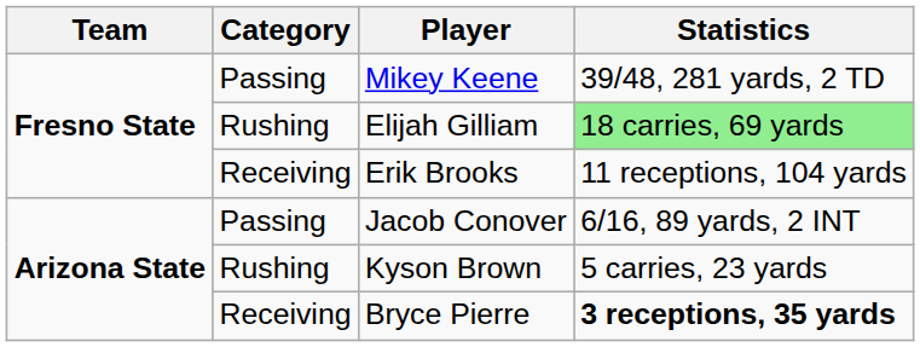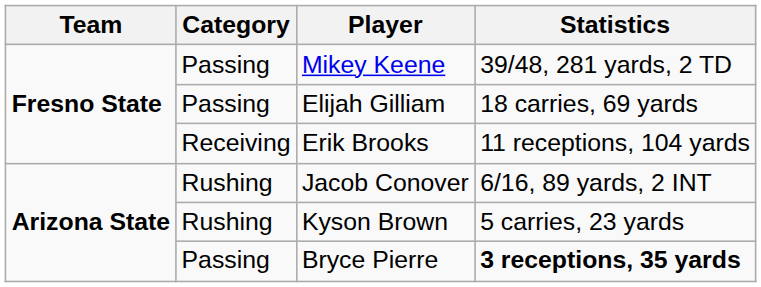 <table class="wikitable" style="float: right;">
 <tr>
 <th>Team</th>
 <th>Category</th>
 <th>Player</th>
 <th>Statistics</th>
 </tr>
 <tr>
 <td rowspan=3><strong>Fresno State</strong></td>
 <td>Passing</td>
 <td><a href='#'>Mikey Keene</a></td>
 <td>39/48, 281 yards, 2 TD</td>
 </tr>
 <tr>
-<td>Rushing</td>
+<td>Passing</td>
 <td>Elijah Gilliam</td>
-<td style="background: lightgreen;">18 carries, 69 yards</td>
+<td>18 carries, 69 yards</td>
 </tr>
 <tr>
 <td>Receiving</td>
 <td>Erik Brooks</td>
 <td>11 receptions, 104 yards</td>
 </tr>
 <tr>
 <td rowspan=3><strong>Arizona State</strong></td>
-<td>Passing</td>
+<td>Rushing</td>
 <td>Jacob Conover</td>
 <td>6/16, 89 yards, 2 INT</td>
 </tr>
 <tr>
 <td>Rushing</td>
 <td>Kyson Brown</td>
 <td>5 carries, 23 yards</td>
 </tr>
 <tr>
-<td>Receiving</td>
+<td>Passing</td>
 <td>Bryce Pierre</td>
 <td><strong>3 receptions, 35 yards</strong></td>
 </tr>
 </table>
